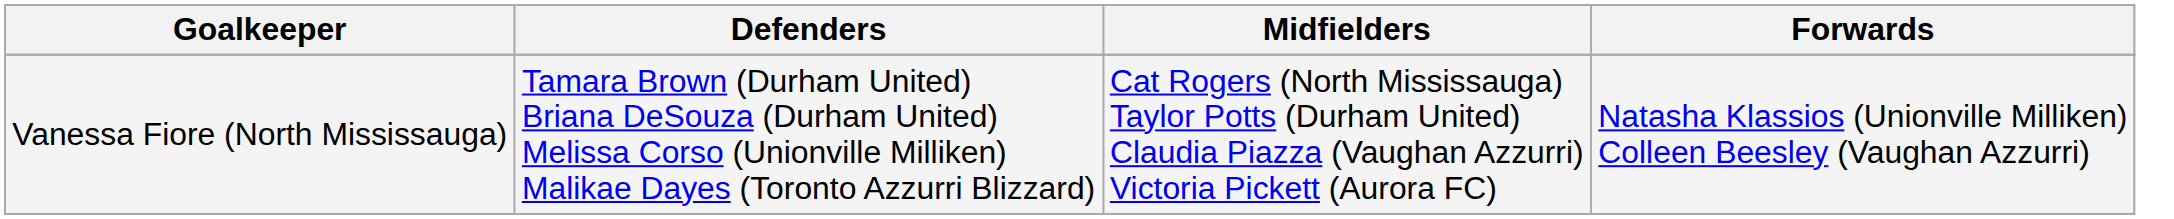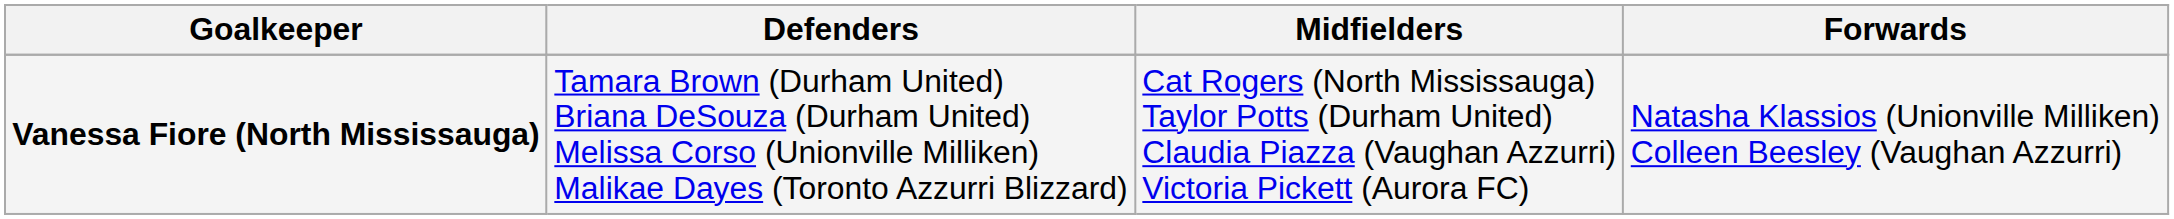 <table class="wikitable">
 <tr style="background:#cccccc;">
 <th>Goalkeeper</th>
 <th>Defenders</th>
 <th>Midfielders</th>
 <th>Forwards</th>
 </tr>
 <tr>
 </tr>
 <tr style="background:#f4f4f4;">
-<td>Vanessa Fiore (North Mississauga)</td>
+<td><strong>Vanessa Fiore (North Mississauga)</strong></td>
 <td><a href='#'>Tamara Brown</a> (Durham United)<br><a href='#'>Briana DeSouza</a> (Durham United)<br><a href='#'>Melissa Corso</a> (Unionville Milliken)<br><a href='#'>Malikae Dayes</a> (Toronto Azzurri Blizzard)</td>
 <td><a href='#'>Cat Rogers</a> (North Mississauga)<br><a href='#'>Taylor Potts</a> (Durham United)<br><a href='#'>Claudia Piazza</a> (Vaughan Azzurri)<br><a href='#'>Victoria Pickett</a> (Aurora FC)</td>
 <td><a href='#'>Natasha Klassios</a> (Unionville Milliken)<br><a href='#'>Colleen Beesley</a> (Vaughan Azzurri)</td>
 </tr>
 </table>
